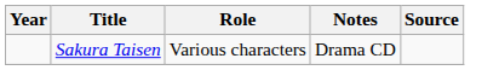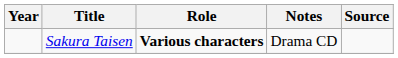 <table class="wikitable sortable plainrowheaders">
 <tr>
 <th>Year</th>
 <th>Title</th>
 <th>Role</th>
 <th class="unsortable">Notes</th>
 <th class="unsortable">Source</th>
 </tr>
 <tr>
 <td></td>
 <td><em><a href='#'>Sakura Taisen</a></em></td>
-<td>Various characters</td>
+<td><strong>Various characters</strong></td>
 <td>Drama CD</td>
 <td></td>
 </tr>
 <tr>
 </tr>
 </table>
